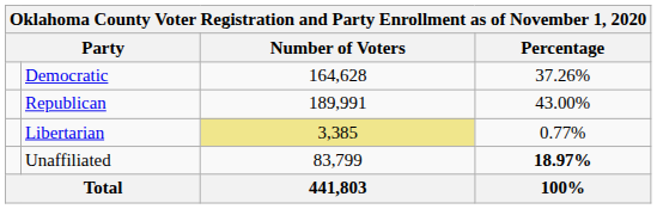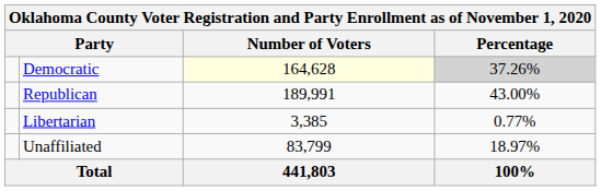 <table class=wikitable>
 <tr>
 <th colspan = 6>Oklahoma County Voter Registration and Party Enrollment as of November 1, 2020</th>
 </tr>
 <tr>
 <th colspan = 2>Party</th>
 <th>Number of Voters</th>
 <th>Percentage</th>
 </tr>
 <tr>
 <td></td>
 <td><a href='#'>Democratic</a></td>
-<td style="text-align:center;">164,628</td>
-<td style="text-align:center;">37.26%</td>
+<td style="background: lightyellow; text-align:center;">164,628</td>
+<td style="background: lightgrey; text-align:center;">37.26%</td>
 </tr>
 <tr>
 <td></td>
 <td><a href='#'>Republican</a></td>
 <td style="text-align:center;">189,991</td>
 <td style="text-align:center;">43.00%</td>
 </tr>
 <tr>
 <td></td>
 <td><a href='#'>Libertarian</a></td>
-<td style="background: khaki; text-align:center;">3,385</td>
+<td style="text-align:center;">3,385</td>
 <td style="text-align:center;">0.77%</td>
 </tr>
 <tr>
 <td></td>
 <td>Unaffiliated</td>
 <td style="text-align:center;">83,799</td>
-<td style="text-align:center;"><strong>18.97%</strong></td>
+<td style="text-align:center;">18.97%</td>
 </tr>
 <tr>
 <th colspan = 2>Total</th>
 <th style="text-align:center;">441,803</th>
 <th style="text-align:center;">100%</th>
 </tr>
 </table>
